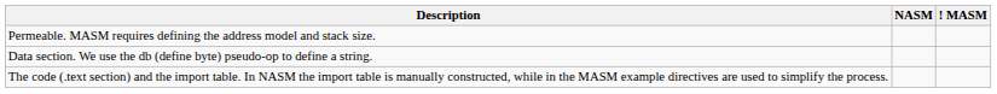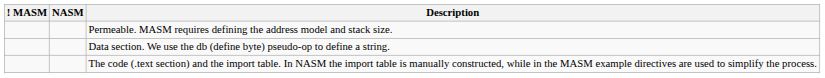 <table class=wikitable>
 <tr>
+<th>! MASM</th>
+<th>NASM</th>
 <th>Description</th>
-<th>NASM</th>
-<th>! MASM</th>
 </tr>
 <tr>
-<td>Permeable. MASM requires defining the address model and stack size.</td>
 <td><br></td>
 <td><br></td>
+<td>Permeable. MASM requires defining the address model and stack size.</td>
 </tr>
 <tr>
-<td>Data section. We use the db (define byte) pseudo-op to define a string.</td>
 <td></td>
 <td></td>
+<td>Data section. We use the db (define byte) pseudo-op to define a string.</td>
 </tr>
 <tr>
+<td></td>
+<td><br></td>
 <td>The code (.text section) and the import table. In NASM the import table is manually constructed, while in the MASM example directives are used to simplify the process.</td>
-<td><br></td>
-<td></td>
 </tr>
 </table>
